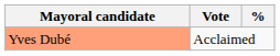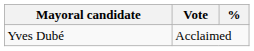 <table class="wikitable">
 <tr>
 <th bgcolor="#DDDDFF" width="200px">Mayoral candidate</th>
 <th bgcolor="#DDDDFF" width="50px">Vote</th>
 <th bgcolor="#DDDDFF"  width="30px">%</th>
 </tr>
 <tr>
-<td style="background: lightsalmon;">Yves Dubé</td>
+<td>Yves Dubé</td>
 <td colspan="2">Acclaimed</td>
 </tr>
 </table>
